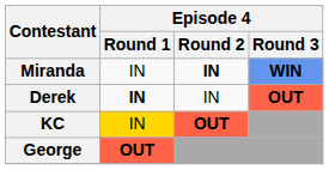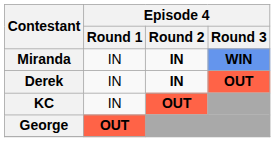 <table class="wikitable" style="text-align:center;font-size:100%">
 <tr>
 <th rowspan=2>Contestant</th>
 <th colspan=3>Episode 4</th>
 </tr>
 <tr>
 <th>Round 1</th>
 <th>Round 2</th>
 <th>Round 3</th>
 </tr>
 <tr>
 <th>Miranda</th>
 <td>IN</td>
 <td><strong>IN</strong></td>
 <td style="background:cornflowerblue;"><strong>WIN</strong></td>
 </tr>
 <tr>
 <th>Derek</th>
+<td>IN</td>
 <td><strong>IN</strong></td>
-<td>IN</td>
 <td style="background:tomato;"><strong>OUT</strong></td>
 </tr>
 <tr>
 <th>KC</th>
-<td style="background: gold;">IN</td>
+<td>IN</td>
 <td style="background:tomato;"><strong>OUT</strong></td>
 <td colspan="3" style="background:darkgrey;"></td>
 </tr>
 <tr>
 <th>George</th>
 <td style="background:tomato;"><strong>OUT</strong></td>
 <td colspan="3" style="background:darkgrey;"></td>
 </tr>
 <tr>
 </tr>
 </table>
